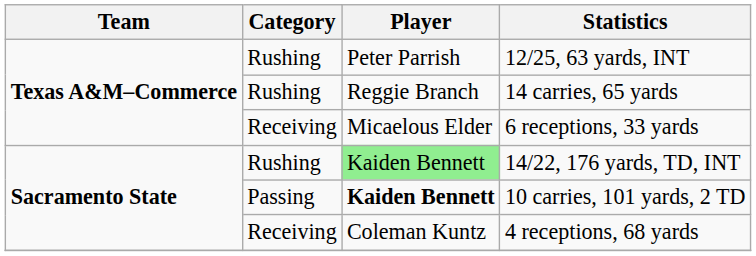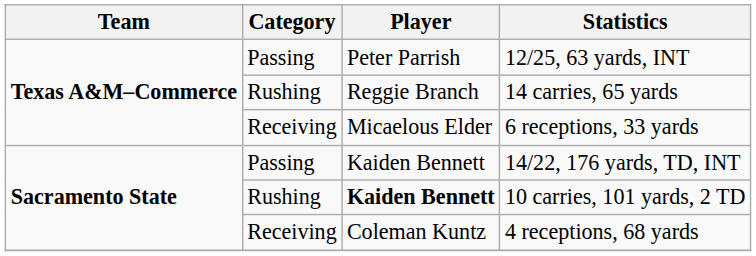 <table class="wikitable" style="float: right;">
 <tr>
 <th>Team</th>
 <th>Category</th>
 <th>Player</th>
 <th>Statistics</th>
 </tr>
 <tr>
 <td rowspan=3><strong>Texas A&M–Commerce</strong></td>
-<td>Rushing</td>
+<td>Passing</td>
 <td>Peter Parrish</td>
 <td>12/25, 63 yards, INT</td>
 </tr>
 <tr>
 <td>Rushing</td>
 <td>Reggie Branch</td>
 <td>14 carries, 65 yards</td>
 </tr>
 <tr>
 <td>Receiving</td>
 <td>Micaelous Elder</td>
 <td>6 receptions, 33 yards</td>
 </tr>
 <tr>
 <td rowspan=3><strong>Sacramento State</strong></td>
-<td>Rushing</td>
-<td style="background: lightgreen;">Kaiden Bennett</td>
+<td>Passing</td>
+<td>Kaiden Bennett</td>
 <td>14/22, 176 yards, TD, INT</td>
 </tr>
 <tr>
-<td>Passing</td>
+<td>Rushing</td>
 <td><strong>Kaiden Bennett</strong></td>
 <td>10 carries, 101 yards, 2 TD</td>
 </tr>
 <tr>
 <td>Receiving</td>
 <td>Coleman Kuntz</td>
 <td>4 receptions, 68 yards</td>
 </tr>
 <tr>
 </tr>
 </table>
